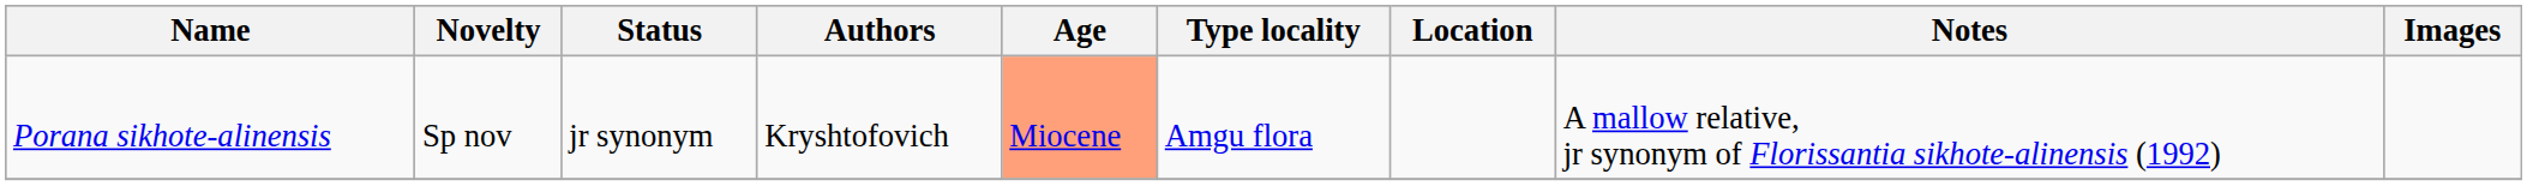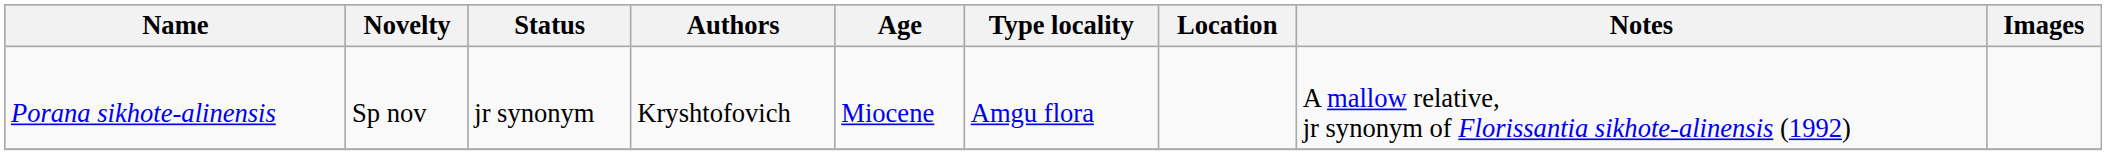 <table class="wikitable sortable" align="center" width="100%">
 <tr>
 <th>Name</th>
 <th>Novelty</th>
 <th>Status</th>
 <th>Authors</th>
 <th>Age</th>
 <th>Type locality</th>
 <th>Location</th>
 <th>Notes</th>
 <th>Images</th>
 </tr>
 <tr>
 <td><br><em><a href='#'>Porana sikhote-alinensis</a></em></td>
 <td><br>Sp nov</td>
 <td><br>jr synonym</td>
 <td><br>Kryshtofovich</td>
-<td style="background: lightsalmon;"><br><a href='#'>Miocene</a></td>
+<td><br><a href='#'>Miocene</a></td>
 <td><br><a href='#'>Amgu flora</a></td>
 <td><br><br></td>
 <td><br>A <a href='#'>mallow</a> relative, <br> jr synonym of <em><a href='#'>Florissantia sikhote-alinensis</a></em> (<a href='#'>1992</a>)</td>
 <td></td>
 </tr>
 <tr>
 </tr>
 </table>
